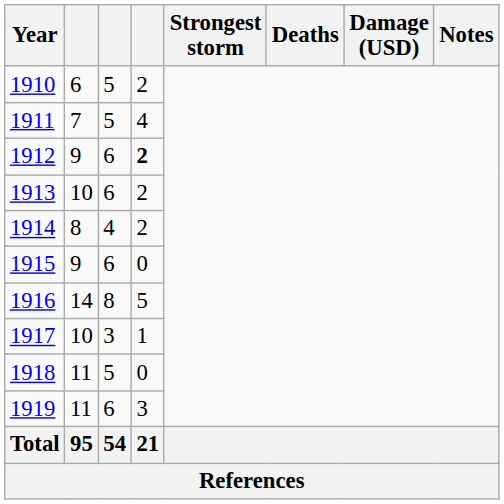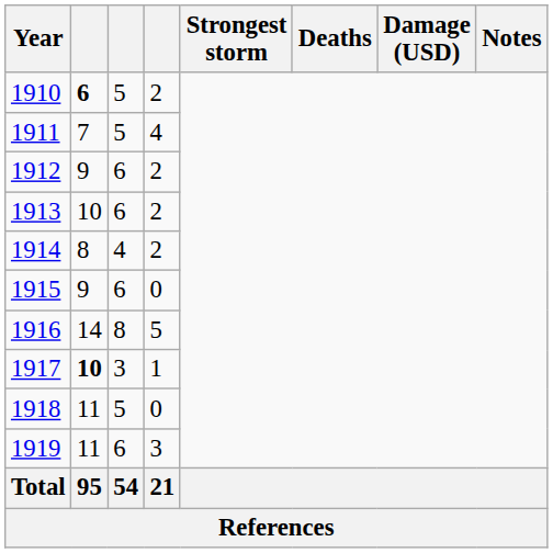 <table class="wikitable sortable">
 <tr>
 <th>Year</th>
 <th></th>
 <th></th>
 <th></th>
 <th>Strongest<br>storm</th>
 <th>Deaths</th>
 <th>Damage<br>(USD)</th>
 <th>Notes</th>
 </tr>
 <tr>
 <td><a href='#'>1910</a></td>
-<td>6</td>
+<td><strong>6</strong></td>
 <td>5</td>
 <td>2</td>
 </tr>
 <tr>
 <td><a href='#'>1911</a></td>
 <td>7</td>
 <td>5</td>
 <td>4</td>
 </tr>
 <tr>
 <td><a href='#'>1912</a></td>
 <td>9</td>
 <td>6</td>
-<td><strong>2</strong></td>
+<td>2</td>
 </tr>
 <tr>
 <td><a href='#'>1913</a></td>
 <td>10</td>
 <td>6</td>
 <td>2</td>
 </tr>
 <tr>
 <td><a href='#'>1914</a></td>
 <td>8</td>
 <td>4</td>
 <td>2</td>
 </tr>
 <tr>
 <td><a href='#'>1915</a></td>
 <td>9</td>
 <td>6</td>
 <td>0</td>
 </tr>
 <tr>
 <td><a href='#'>1916</a></td>
 <td>14</td>
 <td>8</td>
 <td>5</td>
 </tr>
 <tr>
 <td><a href='#'>1917</a></td>
-<td>10</td>
+<td><strong>10</strong></td>
 <td>3</td>
 <td>1</td>
 </tr>
 <tr>
 <td><a href='#'>1918</a></td>
 <td>11</td>
 <td>5</td>
 <td>0</td>
 </tr>
 <tr>
 <td><a href='#'>1919</a></td>
 <td>11</td>
 <td>6</td>
 <td>3</td>
 </tr>
 <tr>
 <th>Total</th>
 <th>95</th>
 <th>54</th>
 <th>21</th>
 <th colspan="4"></th>
 </tr>
 <tr class="unsortable">
 <th colspan="8">References</th>
 </tr>
 </table>
